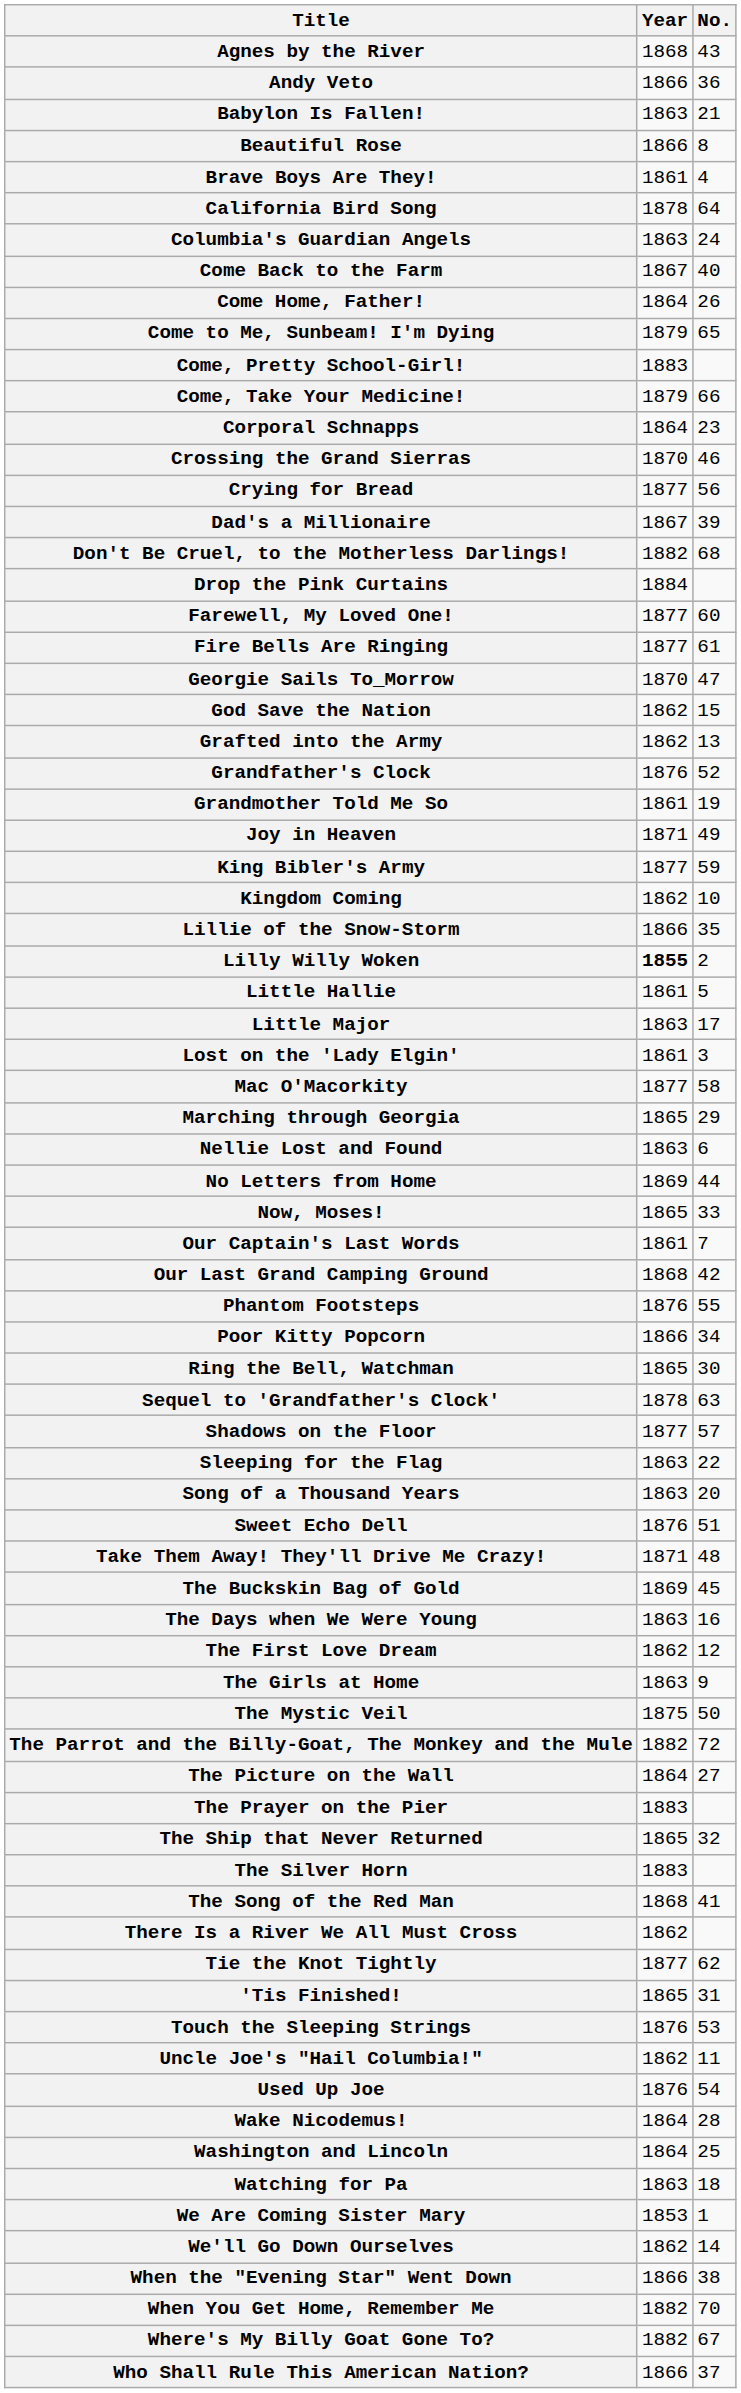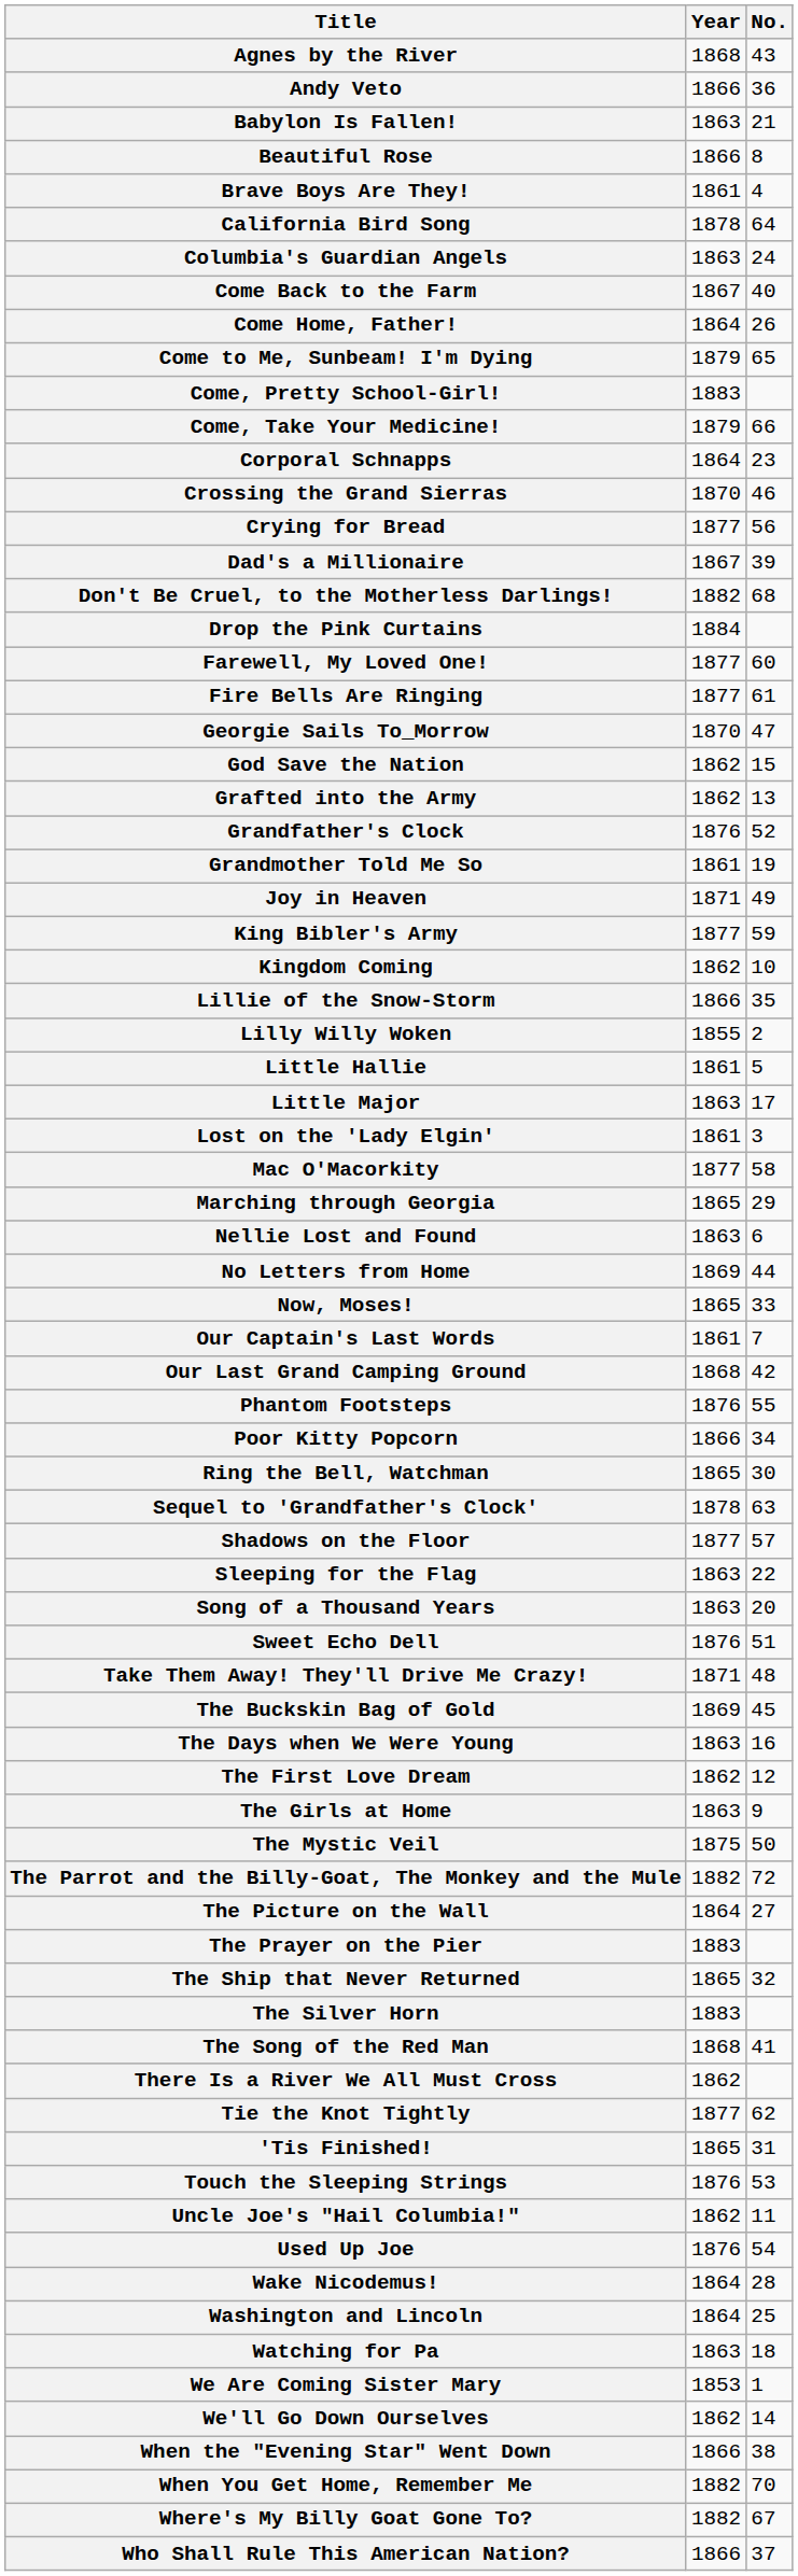 <table class="wikitable sortable">
 <tr>
 <th>Title</th>
 <th>Year</th>
 <th>No.</th>
 </tr>
 <tr>
 <th>Agnes by the River</th>
 <td>1868</td>
 <td>43</td>
 </tr>
 <tr>
 <th>Andy Veto</th>
 <td>1866</td>
 <td>36</td>
 </tr>
 <tr>
 <th>Babylon Is Fallen!</th>
 <td>1863</td>
 <td>21</td>
 </tr>
 <tr>
 <th>Beautiful Rose</th>
 <td>1866</td>
 <td>8</td>
 </tr>
 <tr>
 <th>Brave Boys Are They!</th>
 <td>1861</td>
 <td>4</td>
 </tr>
 <tr>
 <th>California Bird Song</th>
 <td>1878</td>
 <td>64</td>
 </tr>
 <tr>
 <th>Columbia's Guardian Angels</th>
 <td>1863</td>
 <td>24</td>
 </tr>
 <tr>
 <th>Come Back to the Farm</th>
 <td>1867</td>
 <td>40</td>
 </tr>
 <tr>
 <th>Come Home, Father!</th>
 <td>1864</td>
 <td>26</td>
 </tr>
 <tr>
 <th>Come to Me, Sunbeam! I'm Dying</th>
 <td>1879</td>
 <td>65</td>
 </tr>
 <tr>
 <th>Come, Pretty School-Girl!</th>
 <td>1883</td>
 <td></td>
 </tr>
 <tr>
 <th>Come, Take Your Medicine!</th>
 <td>1879</td>
 <td>66</td>
 </tr>
 <tr>
 <th>Corporal Schnapps</th>
 <td>1864</td>
 <td>23</td>
 </tr>
 <tr>
 <th>Crossing the Grand Sierras</th>
 <td>1870</td>
 <td>46</td>
 </tr>
 <tr>
 <th>Crying for Bread</th>
 <td>1877</td>
 <td>56</td>
 </tr>
 <tr>
 <th>Dad's a Millionaire</th>
 <td>1867</td>
 <td>39</td>
 </tr>
 <tr>
 <th>Don't Be Cruel, to the Motherless Darlings!</th>
 <td>1882</td>
 <td>68</td>
 </tr>
 <tr>
 <th>Drop the Pink Curtains</th>
 <td>1884</td>
 <td></td>
 </tr>
 <tr>
 <th>Farewell, My Loved One!</th>
 <td>1877</td>
 <td>60</td>
 </tr>
 <tr>
 <th>Fire Bells Are Ringing</th>
 <td>1877</td>
 <td>61</td>
 </tr>
 <tr>
 <th>Georgie Sails To_Morrow</th>
 <td>1870</td>
 <td>47</td>
 </tr>
 <tr>
 <th>God Save the Nation</th>
 <td>1862</td>
 <td>15</td>
 </tr>
 <tr>
 <th>Grafted into the Army</th>
 <td>1862</td>
 <td>13</td>
 </tr>
 <tr>
 <th>Grandfather's Clock</th>
 <td>1876</td>
 <td>52</td>
 </tr>
 <tr>
 <th>Grandmother Told Me So</th>
 <td>1861</td>
 <td>19</td>
 </tr>
 <tr>
 <th>Joy in Heaven</th>
 <td>1871</td>
 <td>49</td>
 </tr>
 <tr>
 <th>King Bibler's Army</th>
 <td>1877</td>
 <td>59</td>
 </tr>
 <tr>
 <th>Kingdom Coming</th>
 <td>1862</td>
 <td>10</td>
 </tr>
 <tr>
 <th>Lillie of the Snow-Storm</th>
 <td>1866</td>
 <td>35</td>
 </tr>
 <tr>
 <th>Lilly Willy Woken</th>
-<td><strong>1855</strong></td>
+<td>1855</td>
 <td>2</td>
 </tr>
 <tr>
 <th>Little Hallie</th>
 <td>1861</td>
 <td>5</td>
 </tr>
 <tr>
 <th>Little Major</th>
 <td>1863</td>
 <td>17</td>
 </tr>
 <tr>
 <th>Lost on the 'Lady Elgin'</th>
 <td>1861</td>
 <td>3</td>
 </tr>
 <tr>
 <th>Mac O'Macorkity</th>
 <td>1877</td>
 <td>58</td>
 </tr>
 <tr>
 <th>Marching through Georgia</th>
 <td>1865</td>
 <td>29</td>
 </tr>
 <tr>
 <th>Nellie Lost and Found</th>
 <td>1863</td>
 <td>6</td>
 </tr>
 <tr>
 <th>No Letters from Home</th>
 <td>1869</td>
 <td>44</td>
 </tr>
 <tr>
 <th>Now, Moses!</th>
 <td>1865</td>
 <td>33</td>
 </tr>
 <tr>
 <th>Our Captain's Last Words</th>
 <td>1861</td>
 <td>7</td>
 </tr>
 <tr>
 <th>Our Last Grand Camping Ground</th>
 <td>1868</td>
 <td>42</td>
 </tr>
 <tr>
 <th>Phantom Footsteps</th>
 <td>1876</td>
 <td>55</td>
 </tr>
 <tr>
 <th>Poor Kitty Popcorn</th>
 <td>1866</td>
 <td>34</td>
 </tr>
 <tr>
 <th>Ring the Bell, Watchman</th>
 <td>1865</td>
 <td>30</td>
 </tr>
 <tr>
 <th>Sequel to 'Grandfather's Clock'</th>
 <td>1878</td>
 <td>63</td>
 </tr>
 <tr>
 <th>Shadows on the Floor</th>
 <td>1877</td>
 <td>57</td>
 </tr>
 <tr>
 <th>Sleeping for the Flag</th>
 <td>1863</td>
 <td>22</td>
 </tr>
 <tr>
 <th>Song of a Thousand Years</th>
 <td>1863</td>
 <td>20</td>
 </tr>
 <tr>
 <th>Sweet Echo Dell</th>
 <td>1876</td>
 <td>51</td>
 </tr>
 <tr>
 <th>Take Them Away! They'll Drive Me Crazy!</th>
 <td>1871</td>
 <td>48</td>
 </tr>
 <tr>
 <th>The Buckskin Bag of Gold</th>
 <td>1869</td>
 <td>45</td>
 </tr>
 <tr>
 <th>The Days when We Were Young</th>
 <td>1863</td>
 <td>16</td>
 </tr>
 <tr>
 <th>The First Love Dream</th>
 <td>1862</td>
 <td>12</td>
 </tr>
 <tr>
 <th>The Girls at Home</th>
 <td>1863</td>
 <td>9</td>
 </tr>
 <tr>
 <th>The Mystic Veil</th>
 <td>1875</td>
 <td>50</td>
 </tr>
 <tr>
 <th>The Parrot and the Billy-Goat, The Monkey and the Mule</th>
 <td>1882</td>
 <td>72</td>
 </tr>
 <tr>
 <th>The Picture on the Wall</th>
 <td>1864</td>
 <td>27</td>
 </tr>
 <tr>
 <th>The Prayer on the Pier</th>
 <td>1883</td>
 <td></td>
 </tr>
 <tr>
 <th>The Ship that Never Returned</th>
 <td>1865</td>
 <td>32</td>
 </tr>
 <tr>
 <th>The Silver Horn</th>
 <td>1883</td>
 <td></td>
 </tr>
 <tr>
 <th>The Song of the Red Man</th>
 <td>1868</td>
 <td>41</td>
 </tr>
 <tr>
 <th>There Is a River We All Must Cross</th>
 <td>1862</td>
 <td></td>
 </tr>
 <tr>
 <th>Tie the Knot Tightly</th>
 <td>1877</td>
 <td>62</td>
 </tr>
 <tr>
 <th>'Tis Finished!</th>
 <td>1865</td>
 <td>31</td>
 </tr>
 <tr>
 <th>Touch the Sleeping Strings</th>
 <td>1876</td>
 <td>53</td>
 </tr>
 <tr>
 <th>Uncle Joe's "Hail Columbia!"</th>
 <td>1862</td>
 <td>11</td>
 </tr>
 <tr>
 <th>Used Up Joe</th>
 <td>1876</td>
 <td>54</td>
 </tr>
 <tr>
 <th>Wake Nicodemus!</th>
 <td>1864</td>
 <td>28</td>
 </tr>
 <tr>
 <th>Washington and Lincoln</th>
 <td>1864</td>
 <td>25</td>
 </tr>
 <tr>
 <th>Watching for Pa</th>
 <td>1863</td>
 <td>18</td>
 </tr>
 <tr>
 <th>We Are Coming Sister Mary</th>
 <td>1853</td>
 <td>1</td>
 </tr>
 <tr>
 <th>We'll Go Down Ourselves</th>
 <td>1862</td>
 <td>14</td>
 </tr>
 <tr>
 <th>When the "Evening Star" Went Down</th>
 <td>1866</td>
 <td>38</td>
 </tr>
 <tr>
 <th>When You Get Home, Remember Me</th>
 <td>1882</td>
 <td>70</td>
 </tr>
 <tr>
 <th>Where's My Billy Goat Gone To?</th>
 <td>1882</td>
 <td>67</td>
 </tr>
 <tr>
 <th>Who Shall Rule This American Nation?</th>
 <td>1866</td>
 <td>37</td>
 </tr>
 </table>
